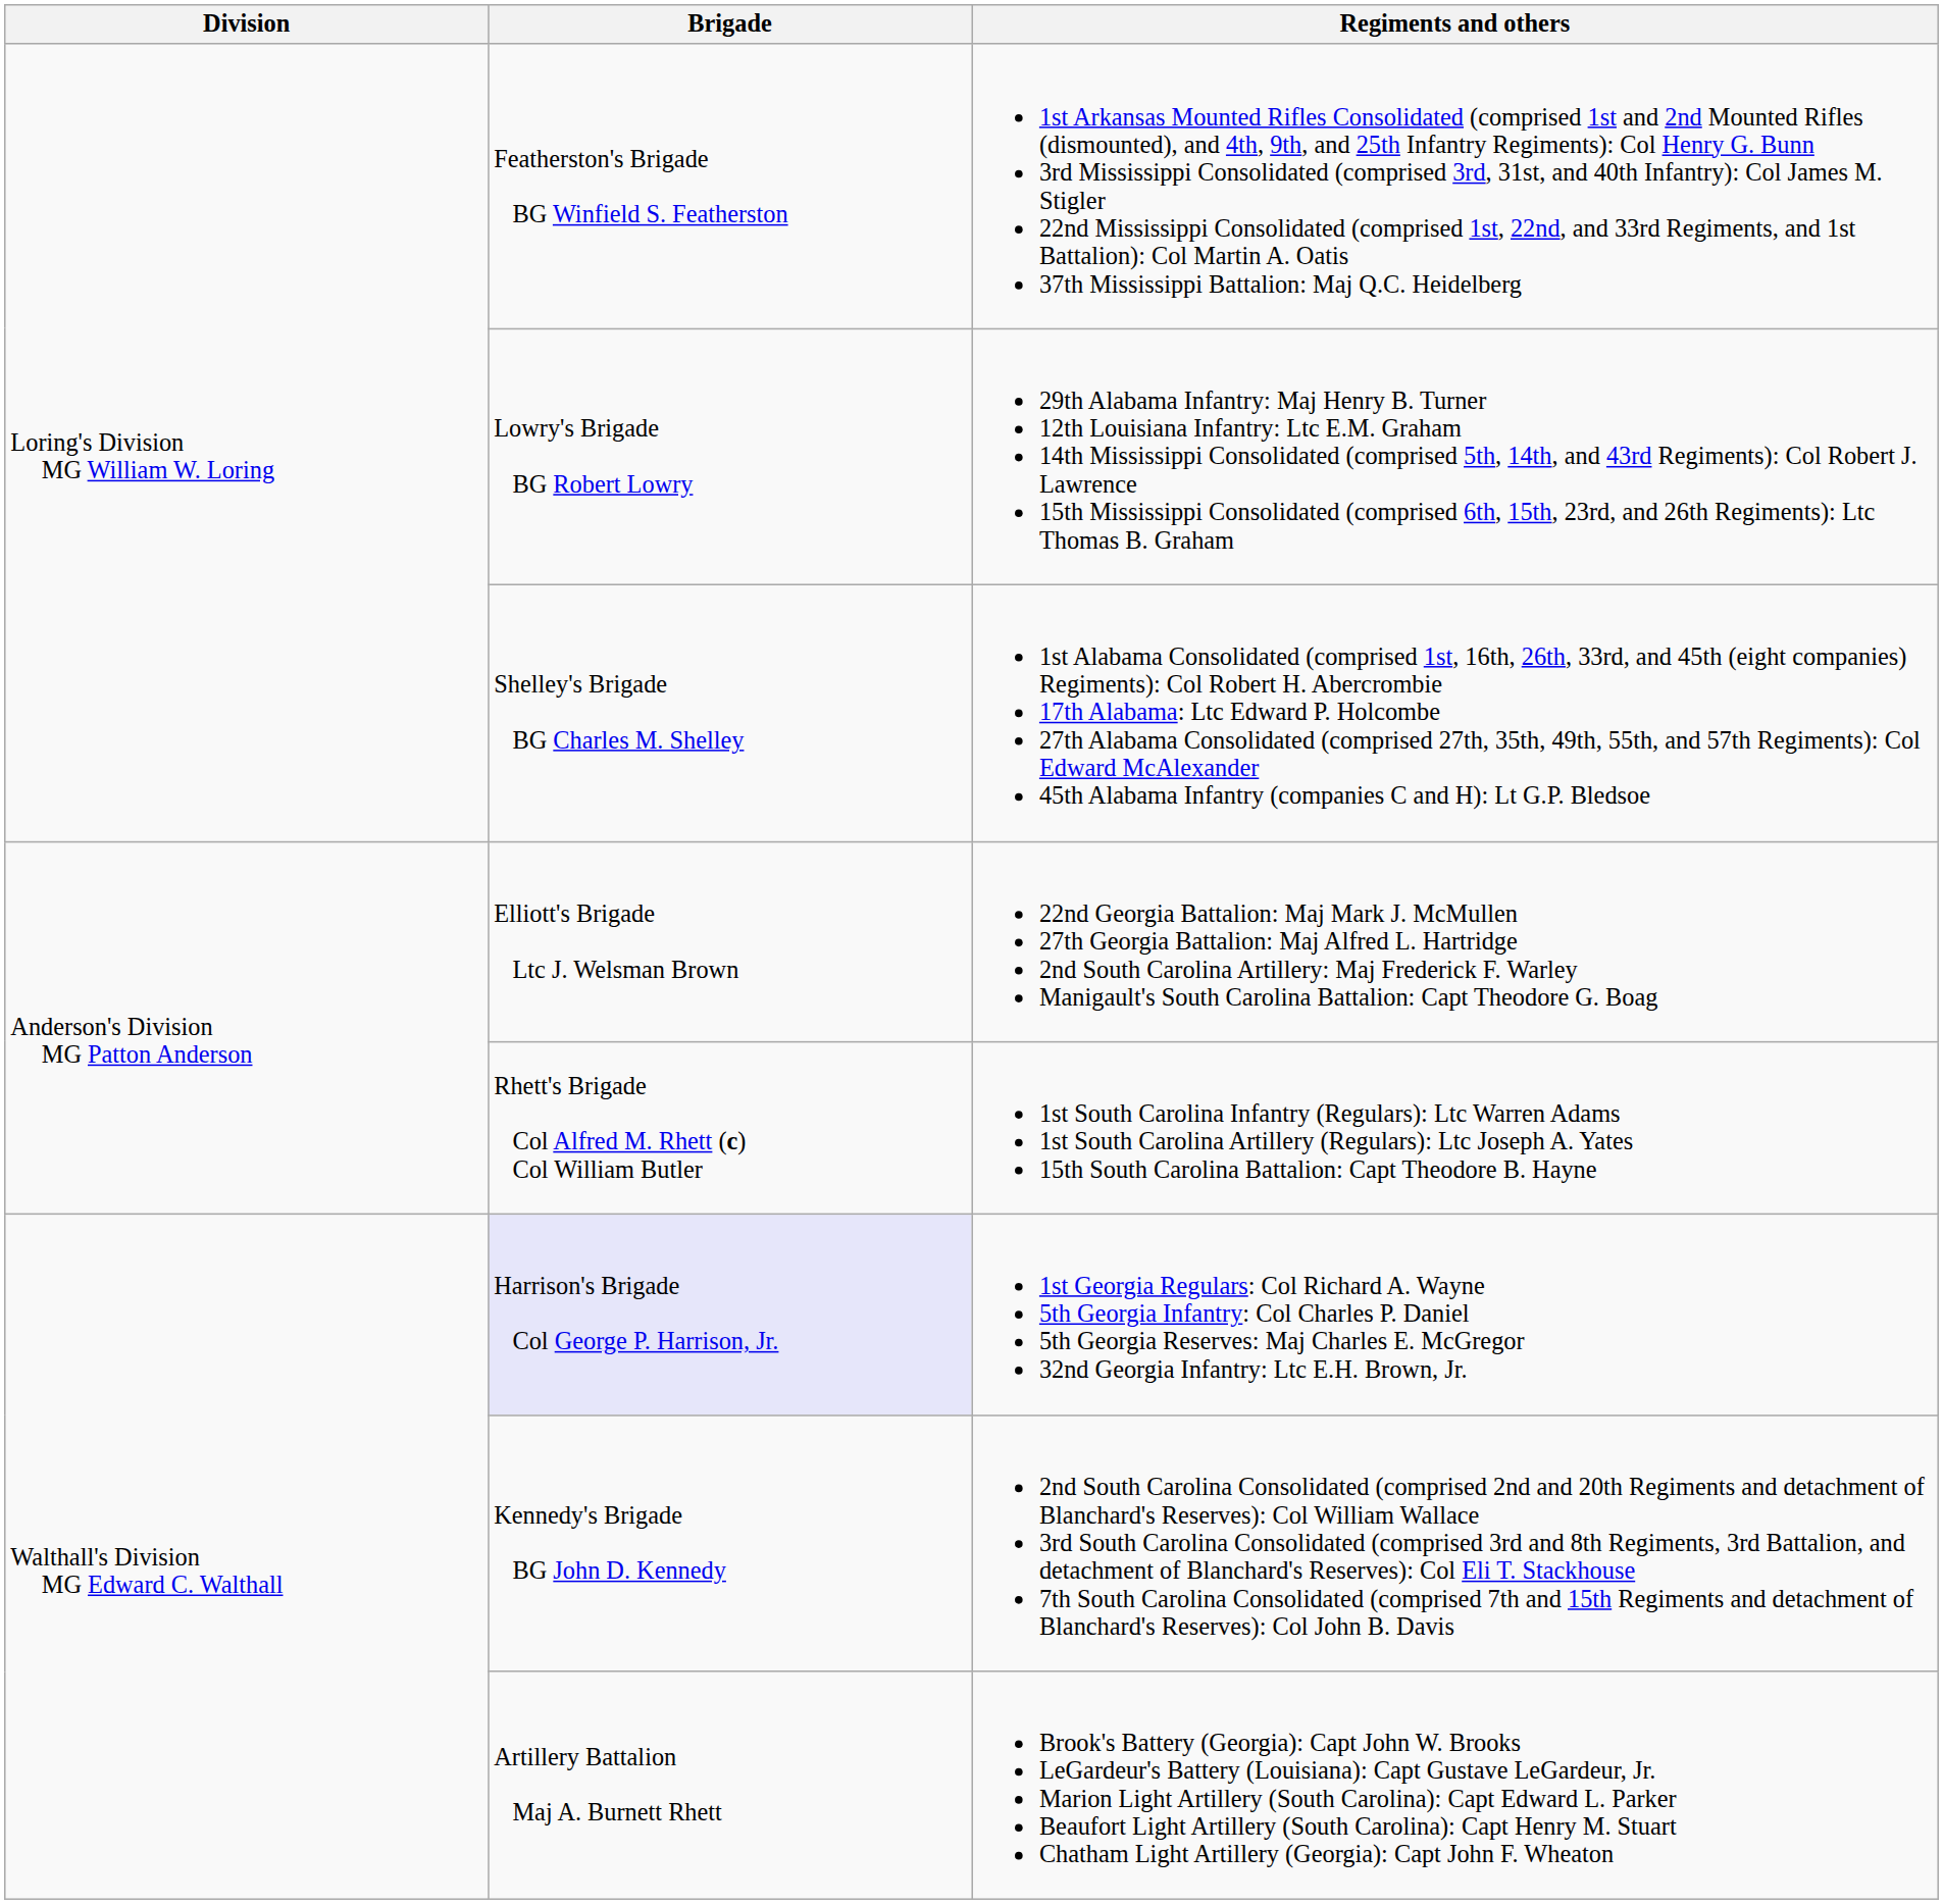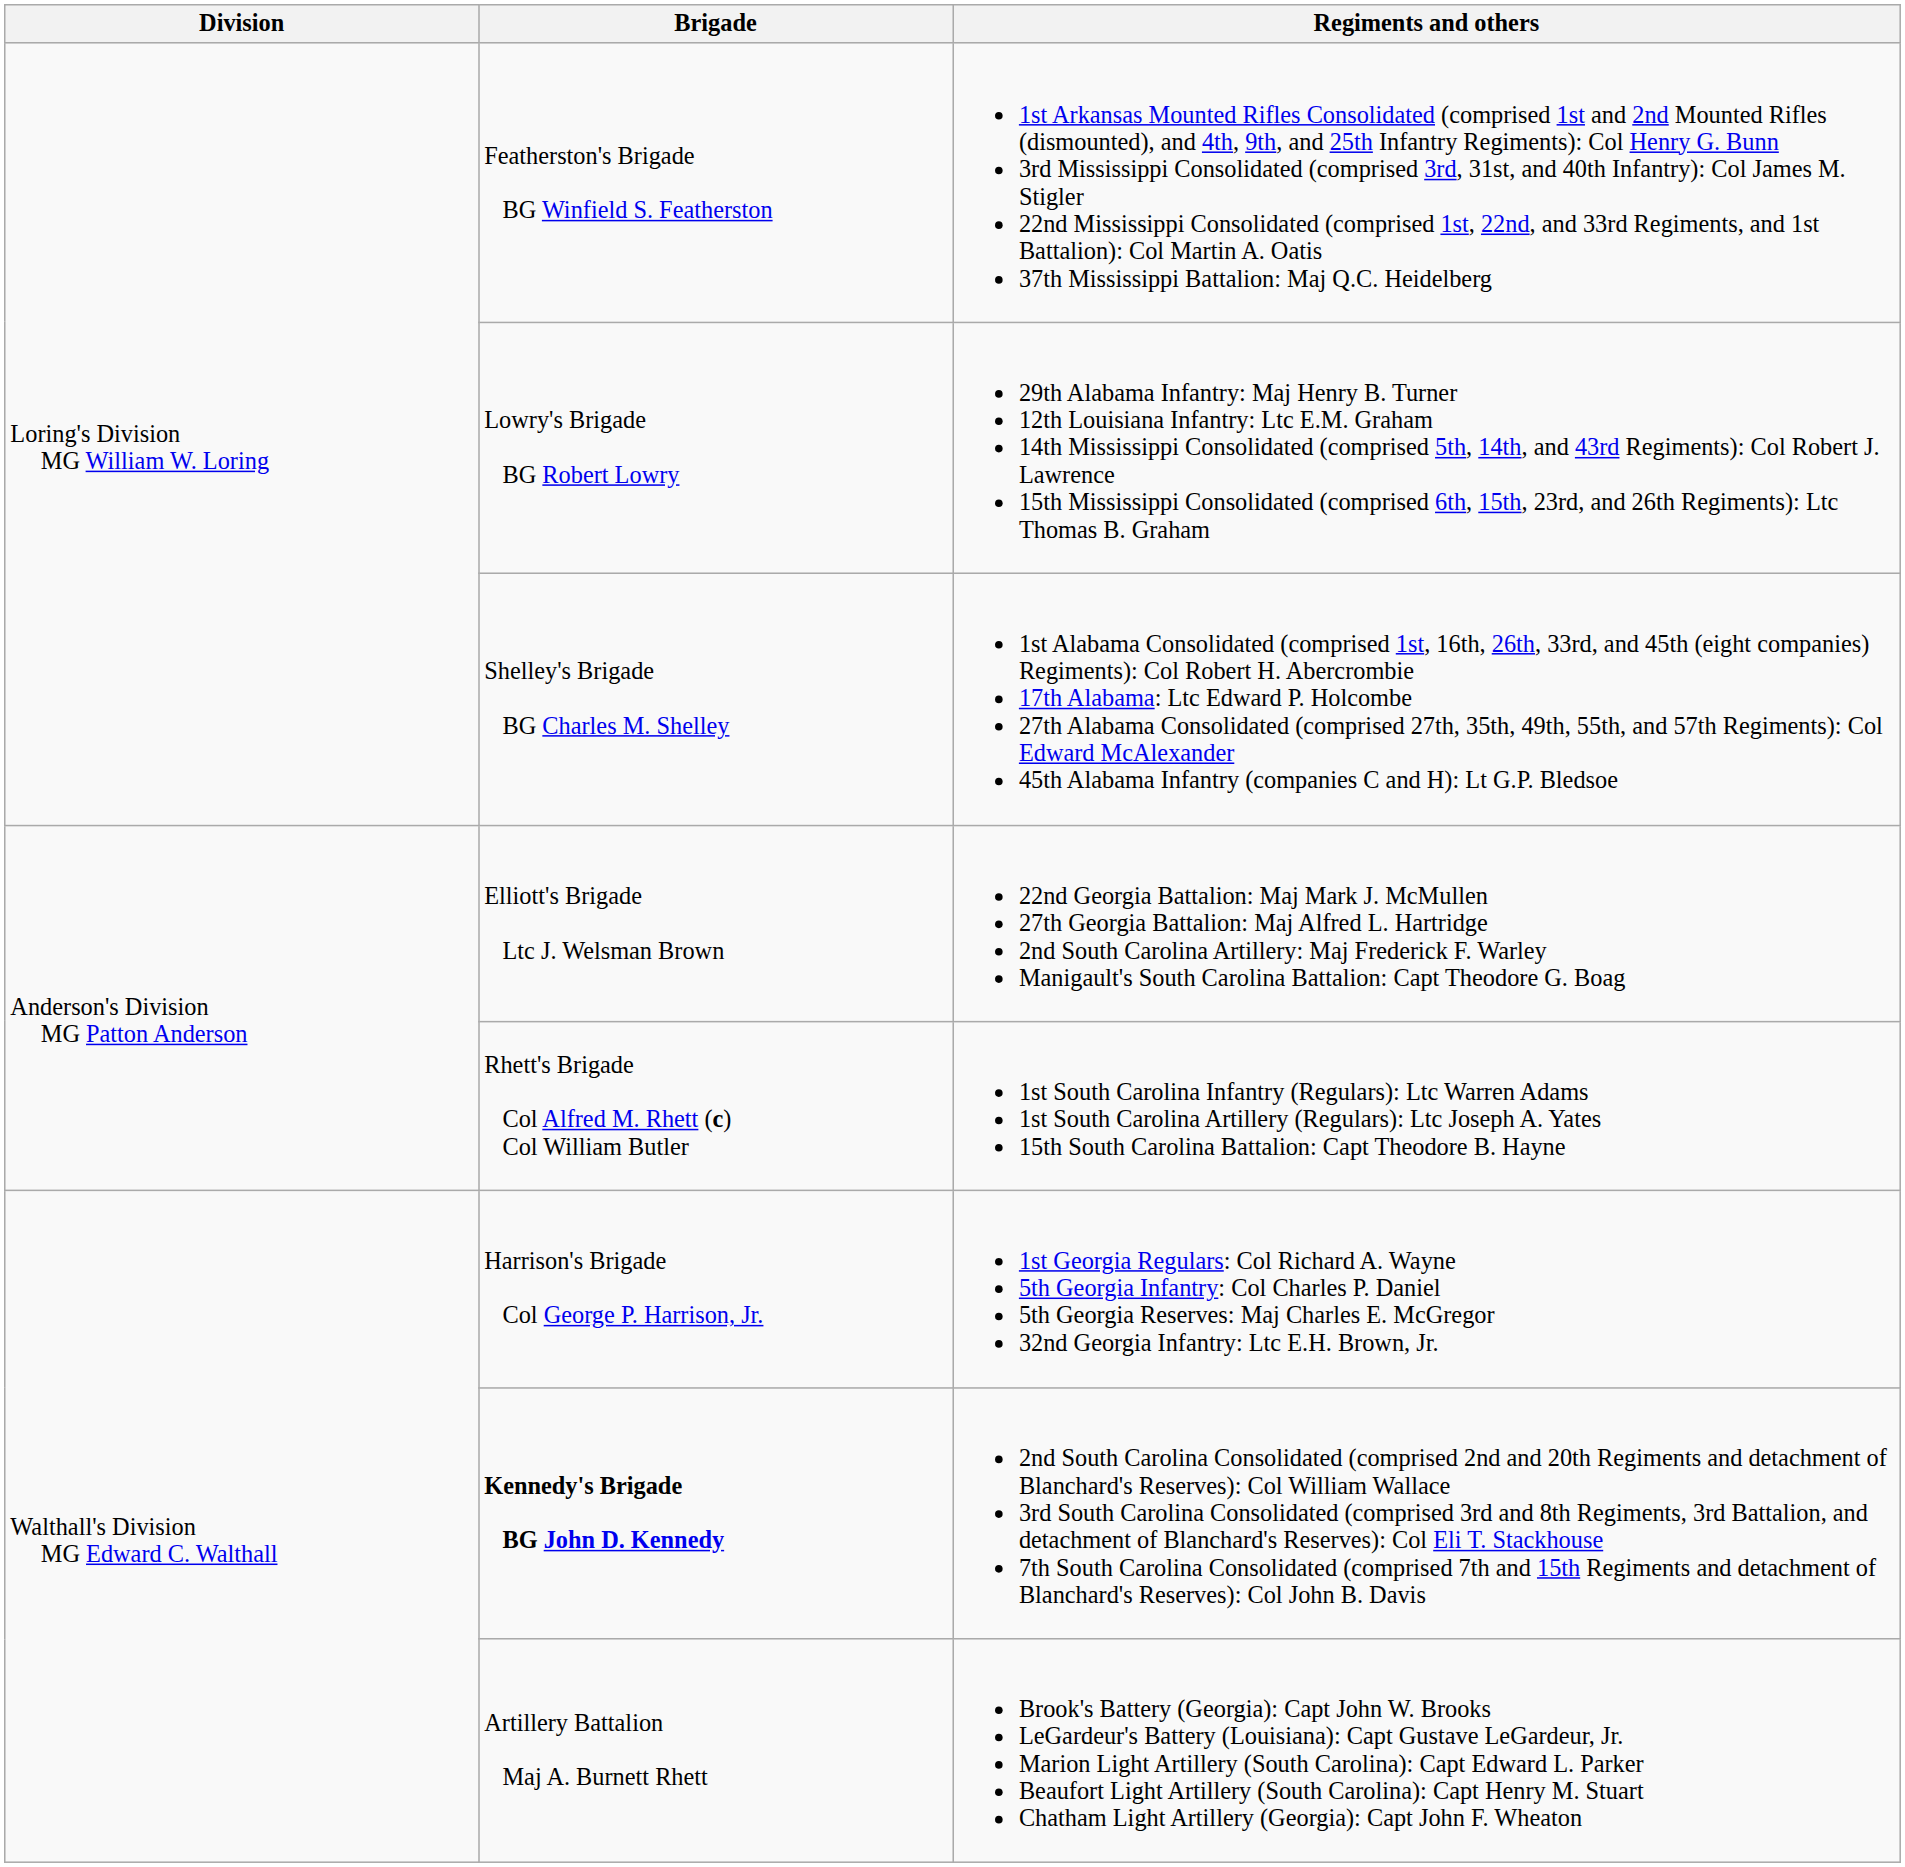 <table class="wikitable">
 <tr>
 <th width=25%>Division</th>
 <th width=25%>Brigade</th>
 <th>Regiments and others</th>
 </tr>
 <tr>
 <td rowspan=3><br>Loring's Division <br>     MG <a href='#'>William W. Loring</a></td>
 <td>Featherston's Brigade<br><br>   BG <a href='#'>Winfield S. Featherston</a></td>
 <td><br><ul><li><a href='#'>1st Arkansas Mounted Rifles Consolidated</a> (comprised <a href='#'>1st</a> and <a href='#'>2nd</a> Mounted Rifles (dismounted), and <a href='#'>4th</a>, <a href='#'>9th</a>, and <a href='#'>25th</a> Infantry Regiments): Col <a href='#'>Henry G. Bunn</a></li><li>3rd Mississippi Consolidated (comprised <a href='#'>3rd</a>, 31st, and 40th Infantry): Col James M. Stigler</li><li>22nd Mississippi Consolidated (comprised <a href='#'>1st</a>, <a href='#'>22nd</a>, and 33rd Regiments, and 1st Battalion): Col Martin A. Oatis</li><li>37th Mississippi Battalion: Maj Q.C. Heidelberg</li></ul></td>
 </tr>
 <tr>
 <td>Lowry's Brigade<br><br>   BG <a href='#'>Robert Lowry</a></td>
 <td><br><ul><li>29th Alabama Infantry: Maj Henry B. Turner</li><li>12th Louisiana Infantry: Ltc E.M. Graham</li><li>14th Mississippi Consolidated (comprised <a href='#'>5th</a>, <a href='#'>14th</a>, and <a href='#'>43rd</a> Regiments): Col Robert J. Lawrence</li><li>15th Mississippi Consolidated (comprised <a href='#'>6th</a>, <a href='#'>15th</a>, 23rd, and 26th Regiments): Ltc Thomas B. Graham</li></ul></td>
 </tr>
 <tr>
 <td>Shelley's Brigade<br><br>   BG <a href='#'>Charles M. Shelley</a></td>
 <td><br><ul><li>1st Alabama Consolidated (comprised <a href='#'>1st</a>, 16th, <a href='#'>26th</a>, 33rd, and 45th (eight companies) Regiments): Col Robert H. Abercrombie</li><li><a href='#'>17th Alabama</a>: Ltc Edward P. Holcombe</li><li>27th Alabama Consolidated (comprised 27th, 35th, 49th, 55th, and 57th Regiments): Col <a href='#'>Edward McAlexander</a></li><li>45th Alabama Infantry (companies C and H): Lt G.P. Bledsoe</li></ul></td>
 </tr>
 <tr>
 <td rowspan=2><br>Anderson's Division <br>     MG <a href='#'>Patton Anderson</a></td>
 <td>Elliott's Brigade<br><br>   Ltc J. Welsman Brown</td>
 <td><br><ul><li>22nd Georgia Battalion: Maj Mark J. McMullen</li><li>27th Georgia Battalion: Maj Alfred L. Hartridge</li><li>2nd South Carolina Artillery: Maj Frederick F. Warley</li><li>Manigault's South Carolina Battalion: Capt Theodore G. Boag</li></ul></td>
 </tr>
 <tr>
 <td>Rhett's Brigade<br><br>   Col <a href='#'>Alfred M. Rhett</a> (<strong>c</strong>) <br>   Col William Butler</td>
 <td><br><ul><li>1st South Carolina Infantry (Regulars): Ltc Warren Adams</li><li>1st South Carolina Artillery (Regulars): Ltc Joseph A. Yates</li><li>15th South Carolina Battalion: Capt Theodore B. Hayne</li></ul></td>
 </tr>
 <tr>
 <td rowspan=3><br>Walthall's Division <br>     MG <a href='#'>Edward C. Walthall</a></td>
-<td style="background: lavender;">Harrison's Brigade<br><br>   Col <a href='#'>George P. Harrison, Jr.</a></td>
+<td>Harrison's Brigade<br><br>   Col <a href='#'>George P. Harrison, Jr.</a></td>
 <td><br><ul><li><a href='#'>1st Georgia Regulars</a>: Col Richard A. Wayne</li><li><a href='#'>5th Georgia Infantry</a>: Col Charles P. Daniel</li><li>5th Georgia Reserves: Maj Charles E. McGregor</li><li>32nd Georgia Infantry: Ltc E.H. Brown, Jr.</li></ul></td>
 </tr>
 <tr>
-<td>Kennedy's Brigade<br><br>   BG <a href='#'>John D. Kennedy</a></td>
+<td><strong>Kennedy's Brigade<br><br>   BG <a href='#'>John D. Kennedy</a></strong></td>
 <td><br><ul><li>2nd South Carolina Consolidated (comprised 2nd and 20th Regiments and detachment of Blanchard's Reserves): Col William Wallace</li><li>3rd South Carolina Consolidated (comprised 3rd and 8th Regiments, 3rd Battalion, and detachment of Blanchard's Reserves): Col <a href='#'>Eli T. Stackhouse</a></li><li>7th South Carolina Consolidated (comprised 7th and <a href='#'>15th</a> Regiments and detachment of Blanchard's Reserves): Col John B. Davis</li></ul></td>
 </tr>
 <tr>
 <td>Artillery Battalion<br><br>   Maj A. Burnett Rhett</td>
 <td><br><ul><li>Brook's Battery (Georgia): Capt John W. Brooks</li><li>LeGardeur's Battery (Louisiana): Capt Gustave LeGardeur, Jr.</li><li>Marion Light Artillery (South Carolina): Capt Edward L. Parker</li><li>Beaufort Light Artillery (South Carolina): Capt Henry M. Stuart</li><li>Chatham Light Artillery (Georgia): Capt John F. Wheaton</li></ul></td>
 </tr>
 </table>
